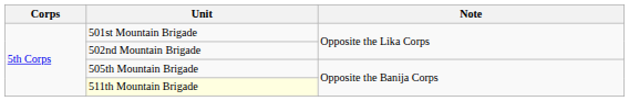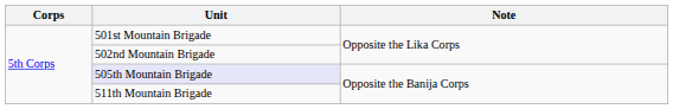 <table class="plainrowheaders wikitable collapsible collapsed" style="cellspacing=2px; text-align:left; font-size:90%;" width=800px>
 <tr style="font-size:100%; text-align:right;">
 <th style="width:100px;" scope="col">Corps</th>
 <th style="width:300px;" scope="col">Unit</th>
 <th style="width:400px;" scope="col">Note</th>
 </tr>
 <tr>
 <td rowspan=4 style=text-align:left><a href='#'>5th Corps</a></td>
 <td>501st Mountain Brigade</td>
 <td rowspan=2>Opposite the Lika Corps</td>
 </tr>
 <tr>
 <td>502nd Mountain Brigade</td>
 </tr>
 <tr>
-<td>505th Mountain Brigade</td>
+<td style="background: lavender;">505th Mountain Brigade</td>
 <td rowspan=2>Opposite the Banija Corps</td>
 </tr>
 <tr>
-<td style="background: lightyellow;">511th Mountain Brigade</td>
+<td>511th Mountain Brigade</td>
 </tr>
 </table>
